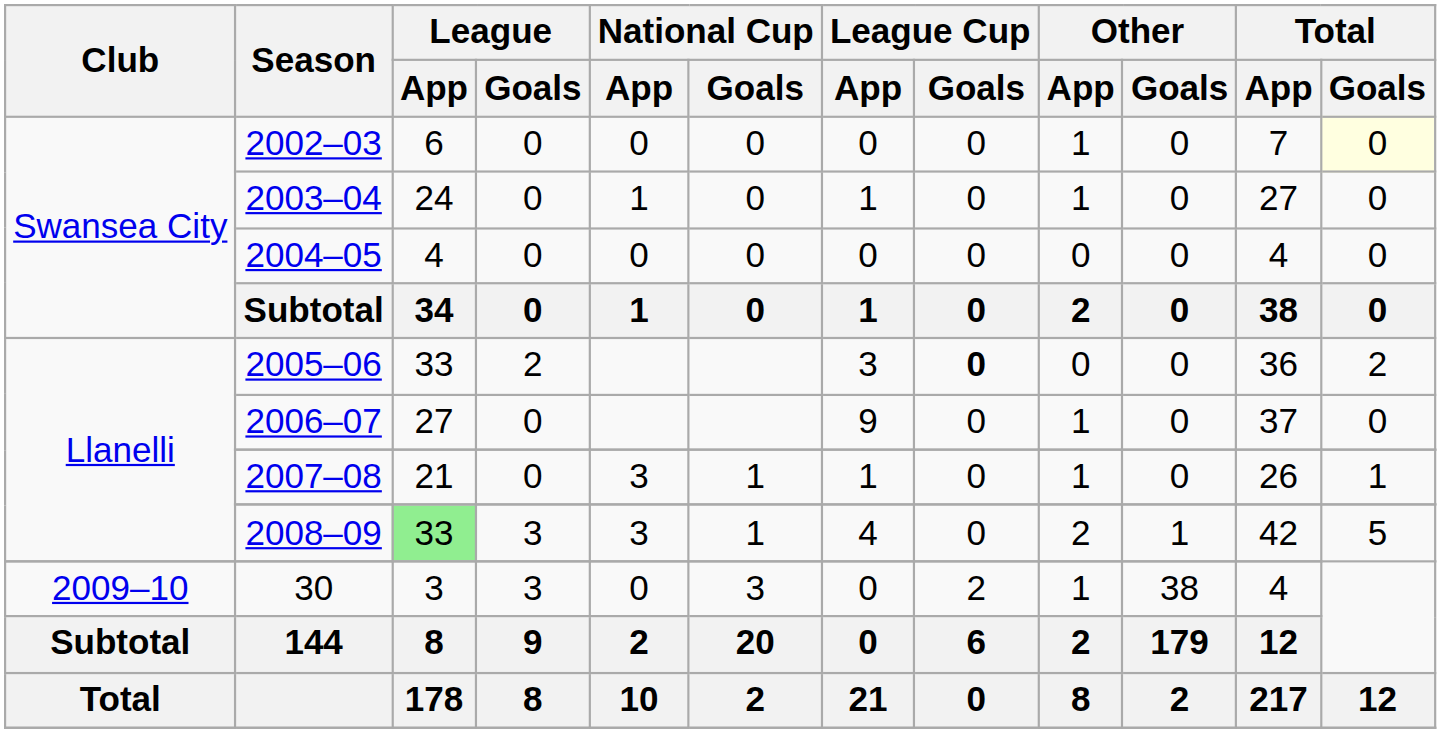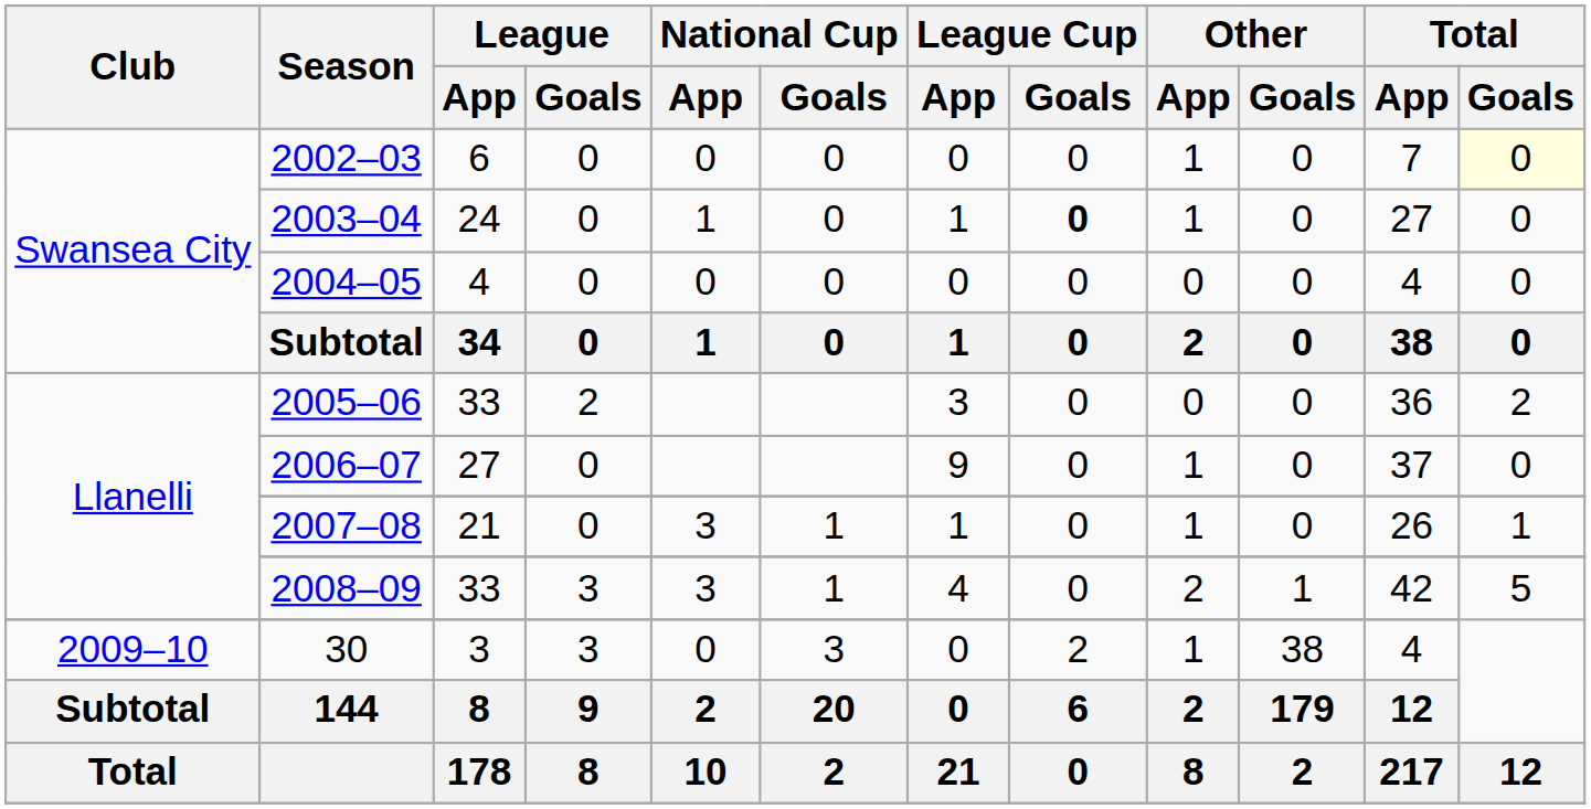 <table class="wikitable">
 <tr>
 <th rowspan=2>Club</th>
 <th rowspan=2>Season</th>
 <th colspan=2>League</th>
 <th colspan=2>National Cup</th>
 <th colspan=2>League Cup</th>
 <th colspan=2>Other</th>
 <th colspan=2>Total</th>
 </tr>
 <tr>
 <th>App</th>
 <th>Goals</th>
 <th>App</th>
 <th>Goals</th>
 <th>App</th>
 <th>Goals</th>
 <th>App</th>
 <th>Goals</th>
 <th>App</th>
 <th>Goals</th>
 </tr>
 <tr align=center>
 <td rowspan=4><a href='#'>Swansea City</a></td>
 <td><a href='#'>2002–03</a></td>
 <td>6</td>
 <td>0</td>
 <td>0</td>
 <td>0</td>
 <td>0</td>
 <td>0</td>
 <td>1</td>
 <td>0</td>
 <td>7</td>
 <td style="background: lightyellow;">0</td>
 </tr>
 <tr align=center>
 <td><a href='#'>2003–04</a></td>
 <td>24</td>
 <td>0</td>
 <td>1</td>
 <td>0</td>
 <td>1</td>
-<td>0</td>
+<td><strong>0</strong></td>
 <td>1</td>
 <td>0</td>
 <td>27</td>
 <td>0</td>
 </tr>
 <tr align=center>
 <td><a href='#'>2004–05</a></td>
 <td>4</td>
 <td>0</td>
 <td>0</td>
 <td>0</td>
 <td>0</td>
 <td>0</td>
 <td>0</td>
 <td>0</td>
 <td>4</td>
 <td>0</td>
 </tr>
 <tr>
 <th>Subtotal</th>
 <th>34</th>
 <th>0</th>
 <th>1</th>
 <th>0</th>
 <th>1</th>
 <th>0</th>
 <th>2</th>
 <th>0</th>
 <th>38</th>
 <th>0</th>
 </tr>
 <tr align=center>
 <td rowspan=6><a href='#'>Llanelli</a></td>
 <td><a href='#'>2005–06</a></td>
 <td>33</td>
 <td>2</td>
 <td></td>
 <td></td>
 <td>3</td>
-<td><strong>0</strong></td>
+<td>0</td>
 <td>0</td>
 <td>0</td>
 <td>36</td>
 <td>2</td>
 </tr>
 <tr align=center>
 <td><a href='#'>2006–07</a></td>
 <td>27</td>
 <td>0</td>
 <td></td>
 <td></td>
 <td>9</td>
 <td>0</td>
 <td>1</td>
 <td>0</td>
 <td>37</td>
 <td>0</td>
 </tr>
 <tr>
 </tr>
 <tr align=center>
 <td><a href='#'>2007–08</a></td>
 <td>21</td>
 <td>0</td>
 <td>3</td>
 <td>1</td>
 <td>1</td>
 <td>0</td>
 <td>1</td>
 <td>0</td>
 <td>26</td>
 <td>1</td>
 </tr>
 <tr>
 </tr>
 <tr align=center>
 <td><a href='#'>2008–09</a></td>
-<td style="background: lightgreen;">33</td>
+<td>33</td>
 <td>3</td>
 <td>3</td>
 <td>1</td>
 <td>4</td>
 <td>0</td>
 <td>2</td>
 <td>1</td>
 <td>42</td>
 <td>5</td>
 </tr>
 <tr>
 </tr>
 <tr align=center>
 <td><a href='#'>2009–10</a></td>
 <td>30</td>
 <td>3</td>
 <td>3</td>
 <td>0</td>
 <td>3</td>
 <td>0</td>
 <td>2</td>
 <td>1</td>
 <td>38</td>
 <td>4</td>
 </tr>
 <tr>
 <th>Subtotal</th>
 <th>144</th>
 <th>8</th>
 <th>9</th>
 <th>2</th>
 <th>20</th>
 <th>0</th>
 <th>6</th>
 <th>2</th>
 <th>179</th>
 <th>12</th>
 </tr>
 <tr>
 <th>Total</th>
 <th></th>
 <th>178</th>
 <th>8</th>
 <th>10</th>
 <th>2</th>
 <th>21</th>
 <th>0</th>
 <th>8</th>
 <th>2</th>
 <th>217</th>
 <th>12</th>
 </tr>
 <tr>
 </tr>
 </table>
